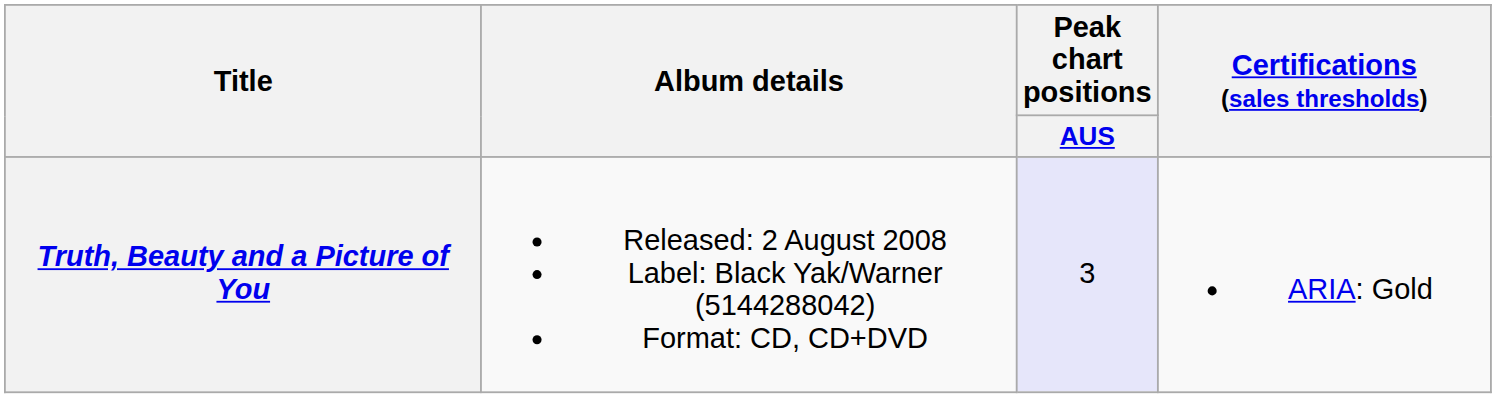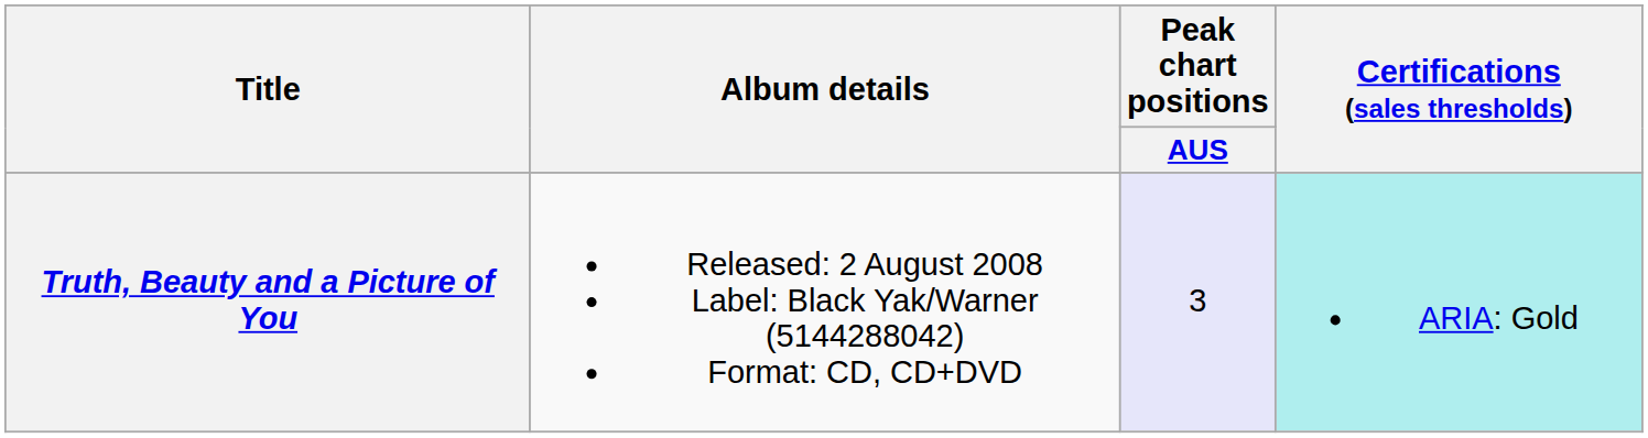 <table class="wikitable plainrowheaders" style="text-align:center;">
 <tr>
 <th scope="col" rowspan="2" style="width:16em;">Title</th>
 <th scope="col" rowspan="2" style="width:18em;">Album details</th>
 <th scope="col" colspan="1">Peak chart positions</th>
 <th scope="col" rowspan="2" style="width:11em;"><a href='#'>Certifications</a><br><small>(<a href='#'>sales thresholds</a>)</small></th>
 </tr>
 <tr>
 <th scope="col" style="width:3em;font-size:90%;"><a href='#'>AUS</a><br></th>
 </tr>
 <tr>
 <th scope="row"><em><a href='#'>Truth, Beauty and a Picture of You</a></em></th>
 <td><br><ul><li>Released: 2 August 2008</li><li>Label: Black Yak/Warner (5144288042)</li><li>Format: CD, CD+DVD</li></ul></td>
 <td align="center" style="background: lavender;">3</td>
-<td align="center"><br><ul><li><a href='#'>ARIA</a>: Gold</li></ul></td>
+<td align="center" style="background: paleturquoise;"><br><ul><li><a href='#'>ARIA</a>: Gold</li></ul></td>
 </tr>
 </table>
